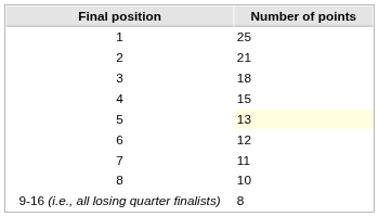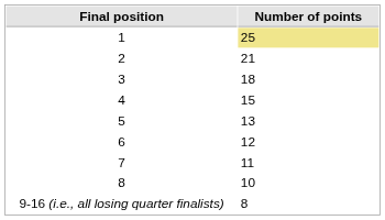 <table cellspacing="1" cellpadding="3" style="border:1px solid #aaa; font-size:90%;">
 <tr style="background:#e4e4e4;">
 <th style="border-bottom:1px solid #aaa; width:250px;">Final position</th>
 <th style="border-bottom:1px solid #aaa; width:150px;">Number of points</th>
 </tr>
 <tr>
 <td style="text-align:center;">1</td>
-<td>25</td>
+<td style="background: khaki;">25</td>
 </tr>
 <tr>
 <td style="text-align:center;">2</td>
 <td>21</td>
 </tr>
 <tr>
 <td style="text-align:center;">3</td>
 <td>18</td>
 </tr>
 <tr>
 <td style="text-align:center;">4</td>
 <td>15</td>
 </tr>
 <tr>
 <td style="text-align:center;">5</td>
-<td style="background: lightyellow;">13</td>
+<td>13</td>
 </tr>
 <tr>
 <td style="text-align:center;">6</td>
 <td>12</td>
 </tr>
 <tr>
 <td style="text-align:center;">7</td>
 <td>11</td>
 </tr>
 <tr>
 <td style="text-align:center;">8</td>
 <td>10</td>
 </tr>
 <tr>
 <td style="text-align:center;">9-16 <em>(i.e., all losing quarter finalists)</em></td>
 <td>8</td>
 </tr>
 </table>
